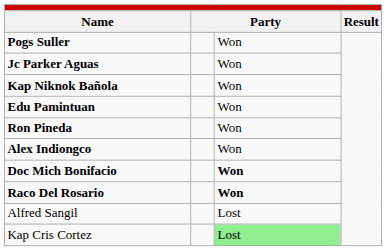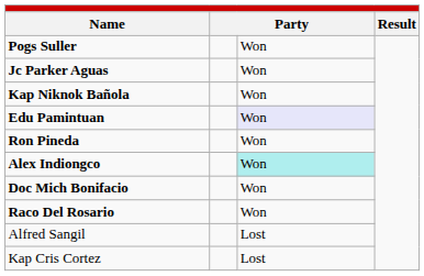 <table class="wikitable" style="font-size:90%">
 <tr>
 <td colspan="4" bgcolor="CC0000"></td>
 </tr>
 <tr>
 <th width="200px">Name</th>
 <th colspan="2" width="160px">Party</th>
 <th>Result</th>
 </tr>
 <tr>
 <td><strong>Pogs Suller</strong></td>
 <td></td>
 <td>Won</td>
 </tr>
 <tr>
 <td><strong>Jc Parker Aguas</strong></td>
 <td></td>
 <td>Won</td>
 </tr>
 <tr>
 <td><strong>Kap Niknok Bañola</strong></td>
 <td></td>
 <td>Won</td>
 </tr>
 <tr>
 <td><strong>Edu Pamintuan</strong></td>
 <td></td>
-<td>Won</td>
+<td style="background: lavender;">Won</td>
 </tr>
 <tr>
 <td><strong>Ron Pineda</strong></td>
 <td></td>
 <td>Won</td>
 </tr>
 <tr>
 <td><strong>Alex Indiongco</strong></td>
 <td></td>
-<td>Won</td>
+<td style="background: paleturquoise;">Won</td>
 </tr>
 <tr>
 <td><strong>Doc Mich Bonifacio</strong></td>
 <td></td>
-<td><strong>Won</strong></td>
+<td>Won</td>
 </tr>
 <tr>
 <td><strong>Raco Del Rosario</strong></td>
 <td></td>
-<td><strong>Won</strong></td>
+<td>Won</td>
 </tr>
 <tr>
 <td>Alfred Sangil</td>
 <td></td>
 <td>Lost</td>
 </tr>
 <tr>
 <td>Kap Cris Cortez</td>
 <td></td>
-<td style="background: lightgreen;">Lost</td>
+<td>Lost</td>
 </tr>
 </table>
